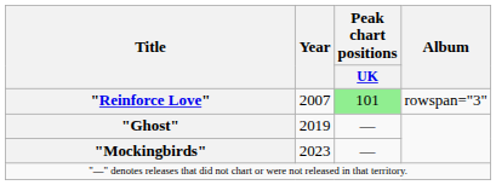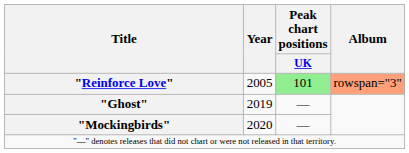 <table class="wikitable plainrowheaders" style="text-align:center;">
 <tr>
 <th scope="col" rowspan="2" style="width:18em;">Title</th>
 <th scope="col" rowspan="2">Year</th>
 <th scope="col" colspan="1">Peak chart positions</th>
 <th scope="col" rowspan="2">Album</th>
 </tr>
 <tr>
 <th scope="col" style="width:3em;font-size:90%;"><a href='#'>UK</a><br></th>
 </tr>
 <tr>
 <th scope="row">"<a href='#'>Reinforce Love</a>"</th>
-<td>2007</td>
+<td>2005</td>
 <td style="background: lightgreen;">101</td>
-<td>rowspan="3" </td>
+<td style="background: lightsalmon;">rowspan="3" </td>
 </tr>
 <tr>
 <th scope="row">"Ghost"</th>
 <td>2019</td>
 <td>—</td>
 </tr>
 <tr>
 <th scope="row">"Mockingbirds"</th>
-<td>2023</td>
+<td>2020</td>
 <td>—</td>
 </tr>
 <tr>
 <td colspan="15" style="text-align:center; font-size:8pt;">"—" denotes releases that did not chart or were not released in that territory.</td>
 </tr>
 </table>
